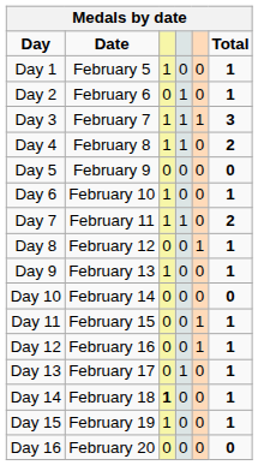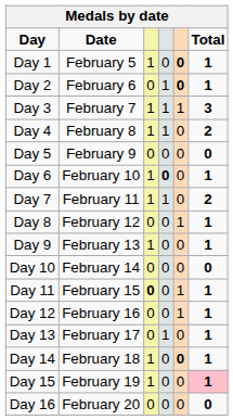 <table class=wikitable style="font-size:85%;float:right">
 <tr bgcolor=efefef>
 <th colspan=6><strong>Medals by date</strong></th>
 </tr>
 <tr align=center>
 <td><strong>Day</strong></td>
 <td><strong>Date</strong></td>
 <td bgcolor=#f7f6a8></td>
 <td bgcolor=#dce5e5></td>
 <td bgcolor=#ffdab9></td>
 <td><strong>Total</strong></td>
 </tr>
 <tr align=center>
 <td>Day 1</td>
 <td>February 5</td>
 <td bgcolor=F7F6A8>1</td>
 <td bgcolor=DCE5E5>0</td>
-<td bgcolor=FFDAB9>0</td>
+<td bgcolor=FFDAB9><strong>0</strong></td>
 <td><strong>1</strong></td>
 </tr>
 <tr align=center>
 <td>Day 2</td>
 <td>February 6</td>
 <td bgcolor=F7F6A8>0</td>
 <td bgcolor=DCE5E5>1</td>
-<td bgcolor=FFDAB9>0</td>
+<td bgcolor=FFDAB9><strong>0</strong></td>
 <td><strong>1</strong></td>
 </tr>
 <tr align=center>
 <td>Day 3</td>
 <td>February 7</td>
 <td bgcolor=F7F6A8>1</td>
 <td bgcolor=DCE5E5>1</td>
 <td bgcolor=FFDAB9>1</td>
 <td><strong>3</strong></td>
 </tr>
 <tr align=center>
 <td>Day 4</td>
 <td>February 8</td>
 <td bgcolor=F7F6A8>1</td>
 <td bgcolor=DCE5E5>1</td>
 <td bgcolor=FFDAB9>0</td>
 <td><strong>2</strong></td>
 </tr>
 <tr align=center>
 <td>Day 5</td>
 <td>February 9</td>
 <td bgcolor=F7F6A8>0</td>
 <td bgcolor=DCE5E5>0</td>
 <td bgcolor=FFDAB9>0</td>
 <td><strong>0</strong></td>
 </tr>
 <tr align=center>
 <td>Day 6</td>
 <td>February 10</td>
 <td bgcolor=F7F6A8>1</td>
-<td bgcolor=DCE5E5>0</td>
+<td bgcolor=DCE5E5><strong>0</strong></td>
 <td bgcolor=FFDAB9>0</td>
 <td><strong>1</strong></td>
 </tr>
 <tr align=center>
 <td>Day 7</td>
 <td>February 11</td>
 <td bgcolor=F7F6A8>1</td>
 <td bgcolor=DCE5E5>1</td>
 <td bgcolor=FFDAB9>0</td>
 <td><strong>2</strong></td>
 </tr>
 <tr align=center>
 <td>Day 8</td>
 <td>February 12</td>
 <td bgcolor=F7F6A8>0</td>
 <td bgcolor=DCE5E5>0</td>
 <td bgcolor=FFDAB9>1</td>
 <td><strong>1</strong></td>
 </tr>
 <tr align=center>
 <td>Day 9</td>
 <td>February 13</td>
 <td bgcolor=F7F6A8>1</td>
 <td bgcolor=DCE5E5>0</td>
 <td bgcolor=FFDAB9>0</td>
 <td><strong>1</strong></td>
 </tr>
 <tr align=center>
 <td>Day 10</td>
 <td>February 14</td>
 <td bgcolor=F7F6A8>0</td>
 <td bgcolor=DCE5E5>0</td>
 <td bgcolor=FFDAB9>0</td>
 <td><strong>0</strong></td>
 </tr>
 <tr align=center>
 <td>Day 11</td>
 <td>February 15</td>
-<td bgcolor=F7F6A8>0</td>
+<td bgcolor=F7F6A8><strong>0</strong></td>
 <td bgcolor=DCE5E5>0</td>
 <td bgcolor=FFDAB9>1</td>
 <td><strong>1</strong></td>
 </tr>
 <tr align=center>
 <td>Day 12</td>
 <td>February 16</td>
 <td bgcolor=F7F6A8>0</td>
 <td bgcolor=DCE5E5>0</td>
 <td bgcolor=FFDAB9>1</td>
 <td><strong>1</strong></td>
 </tr>
 <tr align=center>
 <td>Day 13</td>
 <td>February 17</td>
 <td bgcolor=F7F6A8>0</td>
 <td bgcolor=DCE5E5>1</td>
 <td bgcolor=FFDAB9>0</td>
 <td><strong>1</strong></td>
 </tr>
 <tr align=center>
 <td>Day 14</td>
 <td>February 18</td>
-<td bgcolor=F7F6A8><strong>1</strong></td>
+<td bgcolor=F7F6A8>1</td>
 <td bgcolor=DCE5E5>0</td>
-<td bgcolor=FFDAB9>0</td>
+<td bgcolor=FFDAB9><strong>0</strong></td>
 <td><strong>1</strong></td>
 </tr>
 <tr align=center>
 <td>Day 15</td>
 <td>February 19</td>
 <td bgcolor=F7F6A8>1</td>
 <td bgcolor=DCE5E5>0</td>
 <td bgcolor=FFDAB9>0</td>
-<td><strong>1</strong></td>
+<td style="background: pink;"><strong>1</strong></td>
 </tr>
 <tr align=center>
 <td>Day 16</td>
 <td>February 20</td>
 <td bgcolor=F7F6A8>0</td>
 <td bgcolor=DCE5E5>0</td>
 <td bgcolor=FFDAB9>0</td>
 <td><strong>0</strong></td>
 </tr>
 </table>
